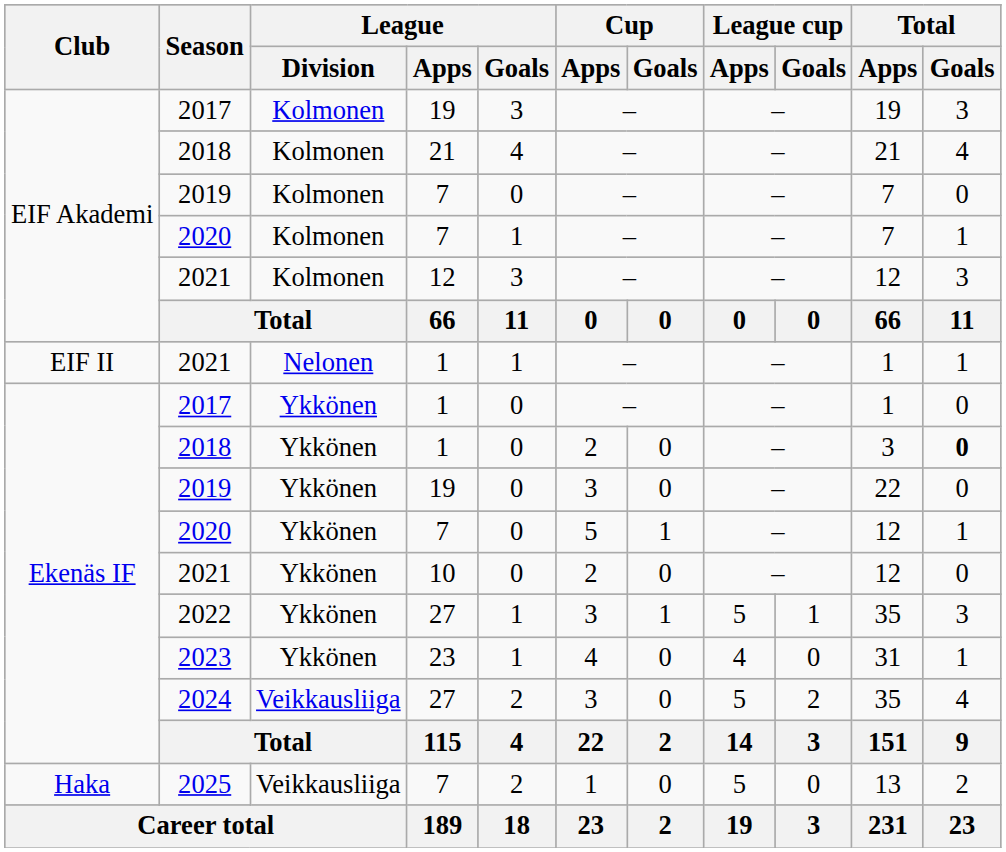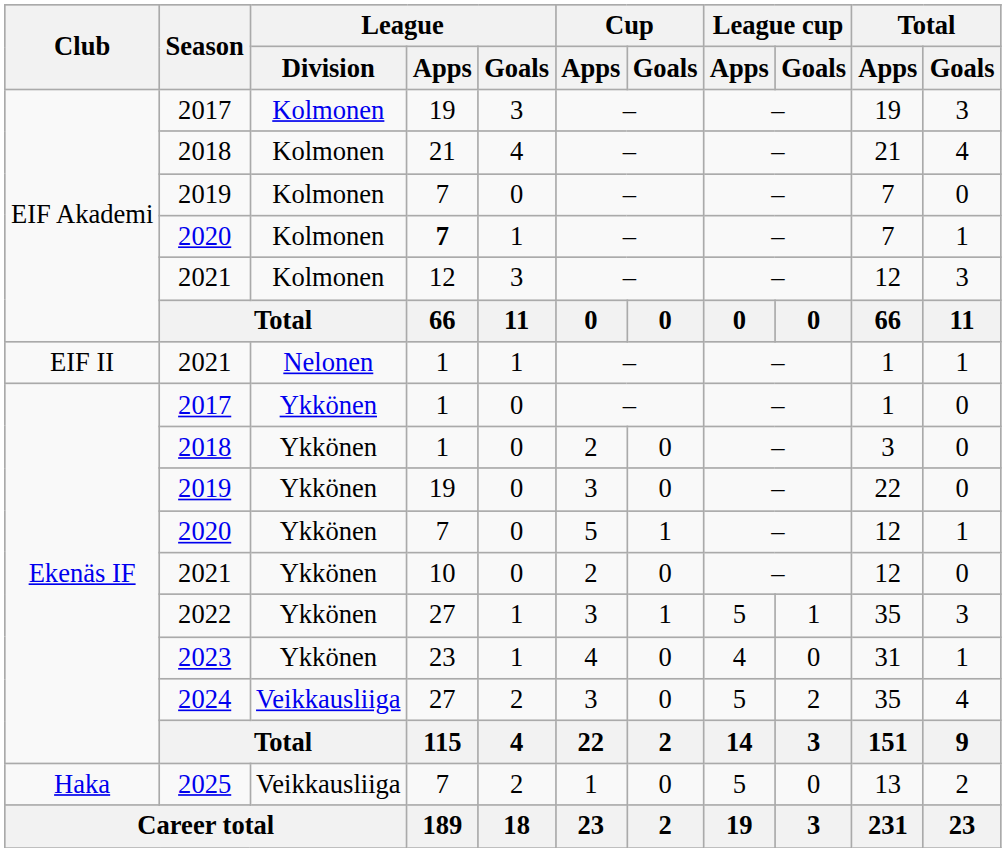 <table class="wikitable" style="text-align:center">
 <tr>
 <th rowspan="2">Club</th>
 <th rowspan="2">Season</th>
 <th colspan="3">League</th>
 <th colspan="2">Cup</th>
 <th colspan="2">League cup</th>
 <th colspan="2">Total</th>
 </tr>
 <tr>
 <th>Division</th>
 <th>Apps</th>
 <th>Goals</th>
 <th>Apps</th>
 <th>Goals</th>
 <th>Apps</th>
 <th>Goals</th>
 <th>Apps</th>
 <th>Goals</th>
 </tr>
 <tr>
 <td rowspan=6>EIF Akademi</td>
 <td>2017</td>
 <td><a href='#'>Kolmonen</a></td>
 <td>19</td>
 <td>3</td>
 <td colspan=2>–</td>
 <td colspan=2>–</td>
 <td>19</td>
 <td>3</td>
 </tr>
 <tr>
 <td>2018</td>
 <td>Kolmonen</td>
 <td>21</td>
 <td>4</td>
 <td colspan=2>–</td>
 <td colspan=2>–</td>
 <td>21</td>
 <td>4</td>
 </tr>
 <tr>
 <td>2019</td>
 <td>Kolmonen</td>
 <td>7</td>
 <td>0</td>
 <td colspan=2>–</td>
 <td colspan=2>–</td>
 <td>7</td>
 <td>0</td>
 </tr>
 <tr>
 <td><a href='#'>2020</a></td>
 <td>Kolmonen</td>
-<td>7</td>
+<td><strong>7</strong></td>
 <td>1</td>
 <td colspan=2>–</td>
 <td colspan=2>–</td>
 <td>7</td>
 <td>1</td>
 </tr>
 <tr>
 <td>2021</td>
 <td>Kolmonen</td>
 <td>12</td>
 <td>3</td>
 <td colspan=2>–</td>
 <td colspan=2>–</td>
 <td>12</td>
 <td>3</td>
 </tr>
 <tr>
 <th colspan="2">Total</th>
 <th>66</th>
 <th>11</th>
 <th>0</th>
 <th>0</th>
 <th>0</th>
 <th>0</th>
 <th>66</th>
 <th>11</th>
 </tr>
 <tr>
 <td>EIF II</td>
 <td>2021</td>
 <td><a href='#'>Nelonen</a></td>
 <td>1</td>
 <td>1</td>
 <td colspan=2>–</td>
 <td colspan=2>–</td>
 <td>1</td>
 <td>1</td>
 </tr>
 <tr>
 <td rowspan=9><a href='#'>Ekenäs IF</a></td>
 <td><a href='#'>2017</a></td>
 <td><a href='#'>Ykkönen</a></td>
 <td>1</td>
 <td>0</td>
 <td colspan=2>–</td>
 <td colspan=2>–</td>
 <td>1</td>
 <td>0</td>
 </tr>
 <tr>
 <td><a href='#'>2018</a></td>
 <td>Ykkönen</td>
 <td>1</td>
 <td>0</td>
 <td>2</td>
 <td>0</td>
 <td colspan=2>–</td>
 <td>3</td>
-<td><strong>0</strong></td>
+<td>0</td>
 </tr>
 <tr>
 <td><a href='#'>2019</a></td>
 <td>Ykkönen</td>
 <td>19</td>
 <td>0</td>
 <td>3</td>
 <td>0</td>
 <td colspan=2>–</td>
 <td>22</td>
 <td>0</td>
 </tr>
 <tr>
 <td><a href='#'>2020</a></td>
 <td>Ykkönen</td>
 <td>7</td>
 <td>0</td>
 <td>5</td>
 <td>1</td>
 <td colspan=2>–</td>
 <td>12</td>
 <td>1</td>
 </tr>
 <tr>
 <td>2021</td>
 <td>Ykkönen</td>
 <td>10</td>
 <td>0</td>
 <td>2</td>
 <td>0</td>
 <td colspan=2>–</td>
 <td>12</td>
 <td>0</td>
 </tr>
 <tr>
 <td>2022</td>
 <td>Ykkönen</td>
 <td>27</td>
 <td>1</td>
 <td>3</td>
 <td>1</td>
 <td>5</td>
 <td>1</td>
 <td>35</td>
 <td>3</td>
 </tr>
 <tr>
 <td><a href='#'>2023</a></td>
 <td>Ykkönen</td>
 <td>23</td>
 <td>1</td>
 <td>4</td>
 <td>0</td>
 <td>4</td>
 <td>0</td>
 <td>31</td>
 <td>1</td>
 </tr>
 <tr>
 <td><a href='#'>2024</a></td>
 <td><a href='#'>Veikkausliiga</a></td>
 <td>27</td>
 <td>2</td>
 <td>3</td>
 <td>0</td>
 <td>5</td>
 <td>2</td>
 <td>35</td>
 <td>4</td>
 </tr>
 <tr>
 <th colspan="2">Total</th>
 <th>115</th>
 <th>4</th>
 <th>22</th>
 <th>2</th>
 <th>14</th>
 <th>3</th>
 <th>151</th>
 <th>9</th>
 </tr>
 <tr>
 <td><a href='#'>Haka</a></td>
 <td><a href='#'>2025</a></td>
 <td>Veikkausliiga</td>
 <td>7</td>
 <td>2</td>
 <td>1</td>
 <td>0</td>
 <td>5</td>
 <td>0</td>
 <td>13</td>
 <td>2</td>
 </tr>
 <tr>
 <th colspan="3">Career total</th>
 <th>189</th>
 <th>18</th>
 <th>23</th>
 <th>2</th>
 <th>19</th>
 <th>3</th>
 <th>231</th>
 <th>23</th>
 </tr>
 </table>
